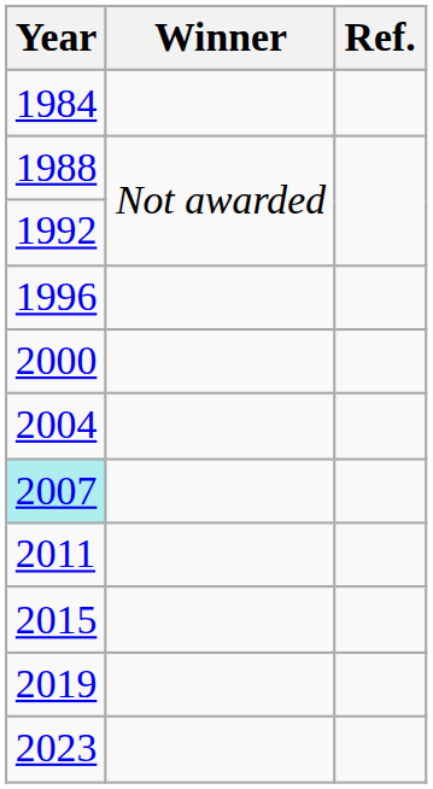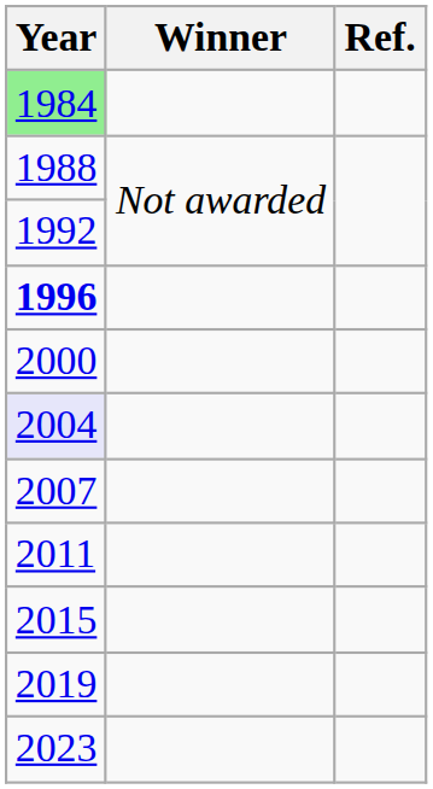 <table class="wikitable sortable">
 <tr>
 <th>Year</th>
 <th>Winner</th>
 <th>Ref.</th>
 </tr>
 <tr>
-<td><a href='#'>1984</a></td>
+<td style="background: lightgreen;"><a href='#'>1984</a></td>
 <td></td>
 <td></td>
 </tr>
 <tr>
 <td><a href='#'>1988</a></td>
 <td align="center" rowspan=2><em>Not awarded</em></td>
 <td rowspan=2></td>
 </tr>
 <tr>
 <td><a href='#'>1992</a></td>
 </tr>
 <tr>
-<td><a href='#'>1996</a></td>
+<td><strong><a href='#'>1996</a></strong></td>
 <td></td>
 <td></td>
 </tr>
 <tr>
 <td><a href='#'>2000</a></td>
 <td></td>
 <td></td>
 </tr>
 <tr>
-<td><a href='#'>2004</a></td>
+<td style="background: lavender;"><a href='#'>2004</a></td>
 <td></td>
 <td></td>
 </tr>
 <tr>
-<td style="background: paleturquoise;"><a href='#'>2007</a></td>
+<td><a href='#'>2007</a></td>
 <td></td>
 <td></td>
 </tr>
 <tr>
 <td><a href='#'>2011</a></td>
 <td></td>
 <td></td>
 </tr>
 <tr>
 <td><a href='#'>2015</a></td>
 <td></td>
 <td></td>
 </tr>
 <tr>
 <td><a href='#'>2019</a></td>
 <td></td>
 <td></td>
 </tr>
 <tr>
 <td><a href='#'>2023</a></td>
 <td></td>
 <td></td>
 </tr>
 </table>
